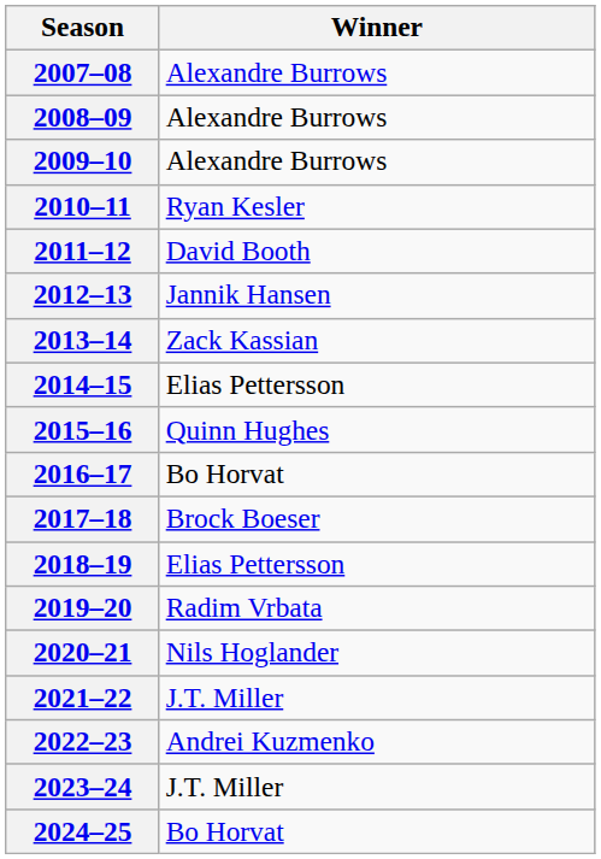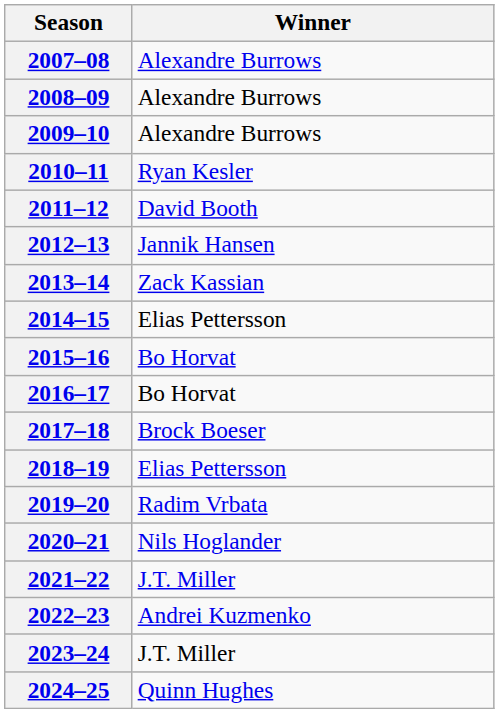 <table class="wikitable">
 <tr>
 <th scope="col" style="width:5em">Season</th>
 <th scope="col" style="width:15em">Winner</th>
 </tr>
 <tr>
 <th scope="row"><a href='#'>2007–08</a></th>
 <td><a href='#'>Alexandre Burrows</a></td>
 </tr>
 <tr>
 <th scope="row"><a href='#'>2008–09</a></th>
 <td>Alexandre Burrows</td>
 </tr>
 <tr>
 <th scope="row"><a href='#'>2009–10</a></th>
 <td>Alexandre Burrows</td>
 </tr>
 <tr>
 <th scope="row"><a href='#'>2010–11</a></th>
 <td><a href='#'>Ryan Kesler</a></td>
 </tr>
 <tr>
 <th scope="row"><a href='#'>2011–12</a></th>
 <td><a href='#'>David Booth</a></td>
 </tr>
 <tr>
 <th scope="row"><a href='#'>2012–13</a></th>
 <td><a href='#'>Jannik Hansen</a></td>
 </tr>
 <tr>
 <th scope="row"><a href='#'>2013–14</a></th>
 <td><a href='#'>Zack Kassian</a></td>
 </tr>
 <tr>
 <th scope="row"><a href='#'>2014–15</a></th>
 <td>Elias Pettersson</td>
 </tr>
 <tr>
 <th scope="row"><a href='#'>2015–16</a></th>
-<td><a href='#'>Quinn Hughes</a></td>
+<td><a href='#'>Bo Horvat</a></td>
 </tr>
 <tr>
 <th scope="row"><a href='#'>2016–17</a></th>
 <td>Bo Horvat</td>
 </tr>
 <tr>
 <th scope="row"><a href='#'>2017–18</a></th>
 <td><a href='#'>Brock Boeser</a></td>
 </tr>
 <tr>
 <th scope="row"><a href='#'>2018–19</a></th>
 <td><a href='#'>Elias Pettersson</a></td>
 </tr>
 <tr>
 <th scope="row"><a href='#'>2019–20</a></th>
 <td><a href='#'>Radim Vrbata</a></td>
 </tr>
 <tr>
 <th scope="row"><a href='#'>2020–21</a></th>
 <td><a href='#'>Nils Hoglander</a></td>
 </tr>
 <tr>
 <th scope="row"><a href='#'>2021–22</a></th>
 <td><a href='#'>J.T. Miller</a></td>
 </tr>
 <tr>
 <th scope="row"><a href='#'>2022–23</a></th>
 <td><a href='#'>Andrei Kuzmenko</a></td>
 </tr>
 <tr>
 <th scope="row"><a href='#'>2023–24</a></th>
 <td>J.T. Miller</td>
 </tr>
 <tr>
 <th scope="row"><a href='#'>2024–25</a></th>
-<td><a href='#'>Bo Horvat</a></td>
+<td><a href='#'>Quinn Hughes</a></td>
 </tr>
 </table>
